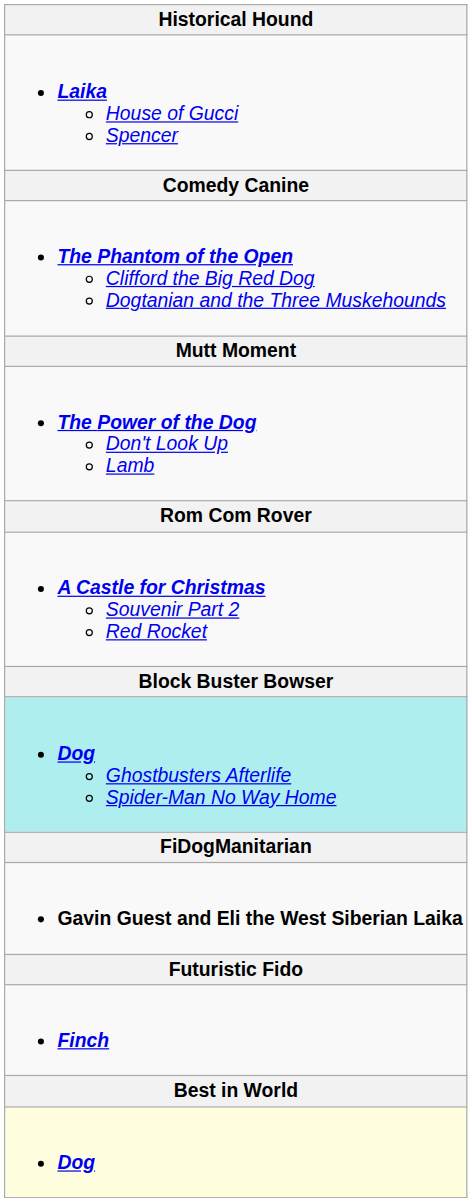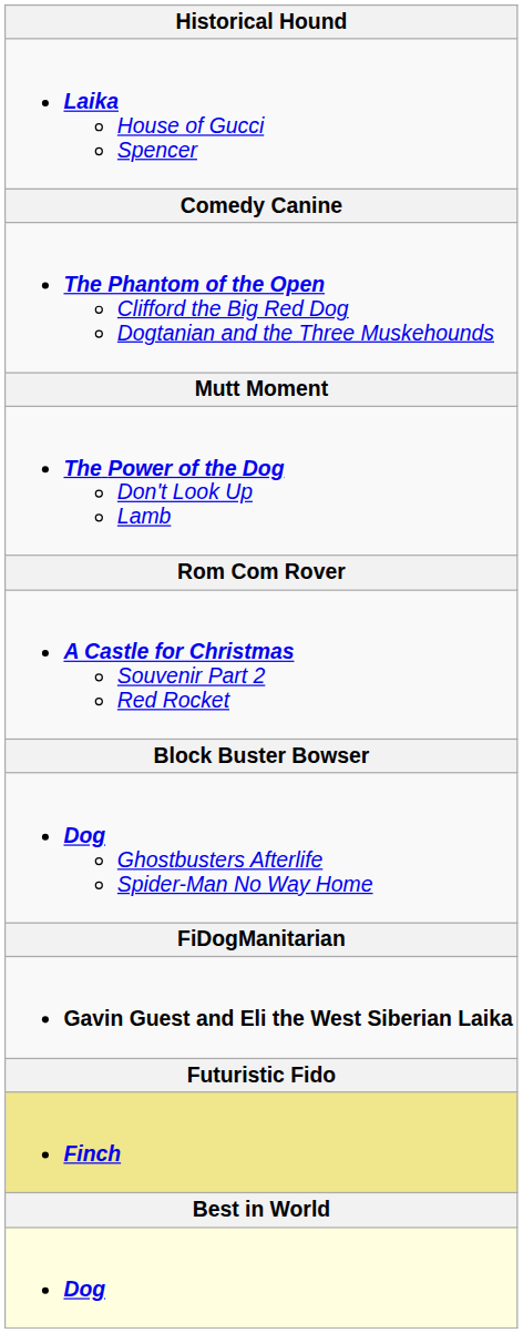 <table class="wikitable">
 <tr>
 <th><strong>Historical Hound</strong></th>
 </tr>
 <tr>
 <td><br><ul><li><strong><em><a href='#'>Laika</a></em></strong><ul><li><em><a href='#'>House of Gucci</a></em></li><li><em><a href='#'>Spencer</a></em></li></ul></li></ul></td>
 </tr>
 <tr>
 <th>Comedy Canine</th>
 </tr>
 <tr>
 <td><br><ul><li><strong><em><a href='#'>The Phantom of the Open</a></em></strong><ul><li><em><a href='#'>Clifford the Big Red Dog</a></em></li><li><em><a href='#'>Dogtanian and the Three Muskehounds</a></em></li></ul></li></ul></td>
 </tr>
 <tr>
 <th>Mutt Moment</th>
 </tr>
 <tr>
 <td><br><ul><li><a href='#'><strong><em>The<strong> </strong>Power of the Dog</em></strong></a><ul><li><em><a href='#'>Don't Look Up</a></em></li><li><em><a href='#'>Lamb</a></em></li></ul></li></ul></td>
 </tr>
 <tr>
 <th>Rom Com Rover</th>
 </tr>
 <tr>
 <td><br><ul><li><strong><em><a href='#'>A Castle for Christmas</a></em></strong><ul><li><em><a href='#'>Souvenir Part 2</a></em></li><li><em><a href='#'>Red Rocket</a></em></li></ul></li></ul></td>
 </tr>
 <tr>
 <th>Block Buster Bowser</th>
 </tr>
 <tr>
-<td style="background: paleturquoise;"><br><ul><li><strong><a href='#'><em>Dog</em></a></strong><ul><li><em><a href='#'>Ghostbusters Afterlife</a></em></li><li><a href='#'><em>Spider-Man No Way Home</em></a></li></ul></li></ul></td>
+<td><br><ul><li><strong><a href='#'><em>Dog</em></a></strong><ul><li><em><a href='#'>Ghostbusters Afterlife</a></em></li><li><a href='#'><em>Spider-Man No Way Home</em></a></li></ul></li></ul></td>
 </tr>
 <tr>
 <th>FiDogManitarian</th>
 </tr>
 <tr>
 <td><br><ul><li><strong>Gavin Guest and Eli the West Siberian Laika</strong></li></ul></td>
 </tr>
 <tr>
 <th>Futuristic Fido</th>
 </tr>
 <tr>
-<td><br><ul><li><em><a href='#'><strong>Finch</strong></a></em></li></ul></td>
+<td style="background: khaki;"><br><ul><li><em><a href='#'><strong>Finch</strong></a></em></li></ul></td>
 </tr>
 <tr>
 <th>Best in World</th>
 </tr>
 <tr>
 <td style="background: lightyellow;"><br><ul><li><strong><a href='#'><em>Dog</em></a></strong></li></ul></td>
 </tr>
 </table>
